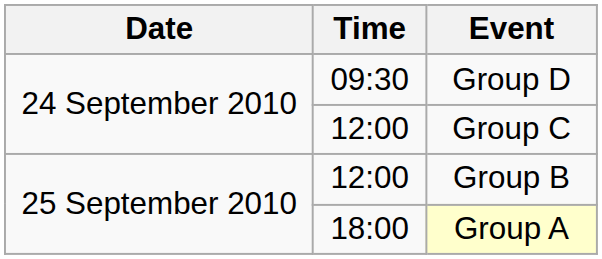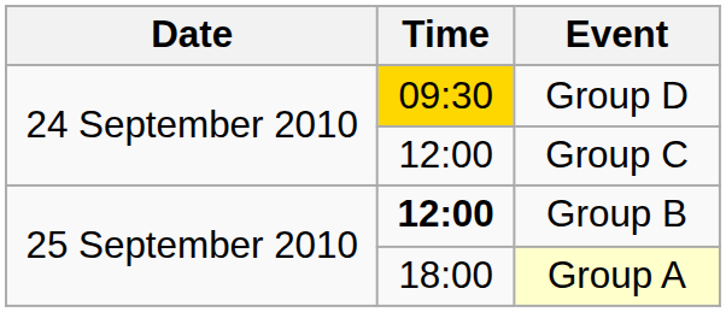 <table class = "wikitable" style="text-align:center;">
 <tr>
 <th width=150>Date</th>
 <th width=50>Time</th>
 <th width=80>Event</th>
 </tr>
 <tr>
 <td rowspan=2>24 September 2010</td>
-<td>09:30</td>
+<td style="background: gold;">09:30</td>
 <td>Group D</td>
 </tr>
 <tr>
 <td>12:00</td>
 <td>Group C</td>
 </tr>
 <tr>
 <td rowspan=2>25 September 2010</td>
-<td>12:00</td>
+<td><strong>12:00</strong></td>
 <td>Group B</td>
 </tr>
 <tr>
 <td>18:00</td>
 <td bgcolor=ffffcc>Group A</td>
 </tr>
 </table>
